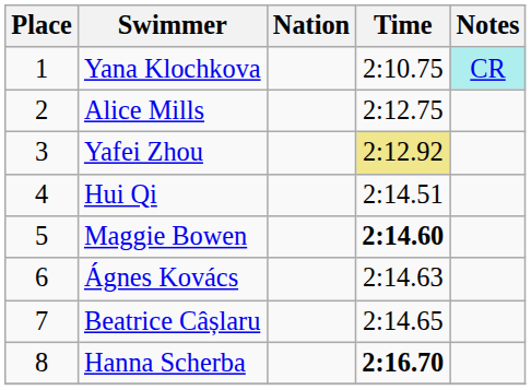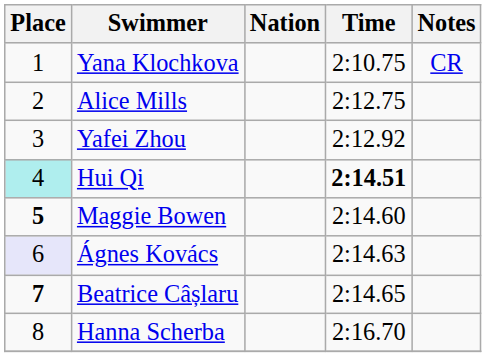 <table class="wikitable sortable" style="text-align:center">
 <tr>
 <th>Place</th>
 <th>Swimmer</th>
 <th>Nation</th>
 <th>Time</th>
 <th>Notes</th>
 </tr>
 <tr>
 <td>1</td>
 <td align=left><a href='#'>Yana Klochkova</a></td>
 <td align=left></td>
 <td>2:10.75</td>
-<td style="background: paleturquoise;"><a href='#'>CR</a></td>
+<td><a href='#'>CR</a></td>
 </tr>
 <tr>
 <td>2</td>
 <td align=left><a href='#'>Alice Mills</a></td>
 <td align=left></td>
 <td>2:12.75</td>
 <td></td>
 </tr>
 <tr>
 <td>3</td>
 <td align=left><a href='#'>Yafei Zhou</a></td>
 <td align=left></td>
-<td style="background: khaki;">2:12.92</td>
+<td>2:12.92</td>
 <td></td>
 </tr>
 <tr>
-<td>4</td>
+<td style="background: paleturquoise;">4</td>
 <td align=left><a href='#'>Hui Qi</a></td>
 <td align=left></td>
-<td>2:14.51</td>
+<td><strong>2:14.51</strong></td>
 <td></td>
 </tr>
 <tr>
-<td>5</td>
+<td><strong>5</strong></td>
 <td align=left><a href='#'>Maggie Bowen</a></td>
 <td align=left></td>
-<td><strong>2:14.60</strong></td>
+<td>2:14.60</td>
 <td></td>
 </tr>
 <tr>
-<td>6</td>
+<td style="background: lavender;">6</td>
 <td align=left><a href='#'>Ágnes Kovács</a></td>
 <td align=left></td>
 <td>2:14.63</td>
 <td></td>
 </tr>
 <tr>
-<td>7</td>
+<td><strong>7</strong></td>
 <td align=left><a href='#'>Beatrice Câșlaru</a></td>
 <td align=left></td>
 <td>2:14.65</td>
 <td></td>
 </tr>
 <tr>
 <td>8</td>
 <td align=left><a href='#'>Hanna Scherba</a></td>
 <td align=left></td>
-<td><strong>2:16.70</strong></td>
+<td>2:16.70</td>
 <td></td>
 </tr>
 <tr>
 </tr>
 </table>
